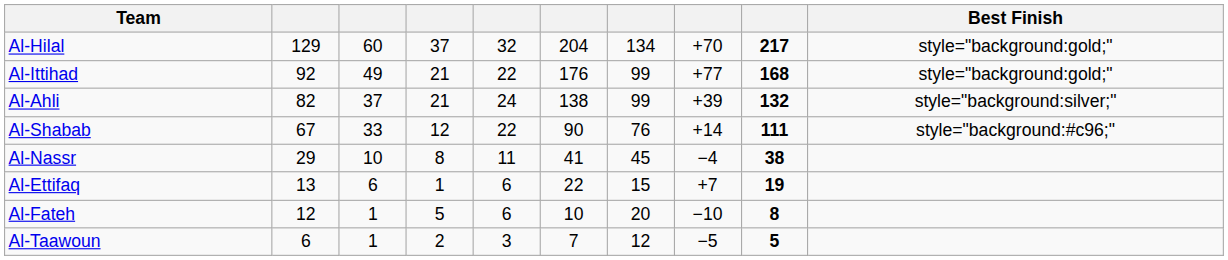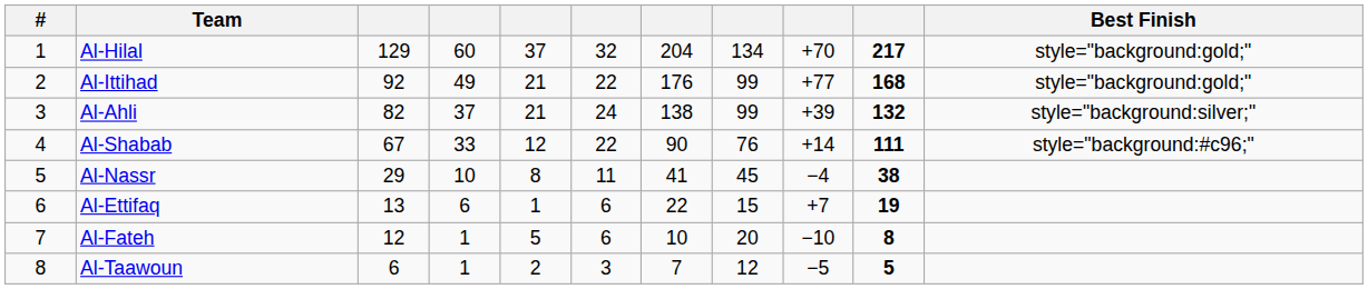 <table class="wikitable sortable" style="width:70%; text-align:center;">
 <tr>
+<th width=5%>#</th>
 <th style="width:20%;">Team</th>
 <th width=5%></th>
 <th width=5%></th>
 <th width=5%></th>
 <th width=5%></th>
 <th width=5%></th>
 <th width=5%></th>
 <th width=5%></th>
 <th width=5%></th>
 <th style="width:31%;">Best Finish</th>
 </tr>
 <tr>
+<td>1</td>
 <td align=left><a href='#'>Al-Hilal</a></td>
 <td>129</td>
 <td>60</td>
 <td>37</td>
 <td>32</td>
 <td>204</td>
 <td>134</td>
 <td>+70</td>
 <td><strong>217</strong></td>
 <td>style="background:gold;" </td>
 </tr>
 <tr>
+<td>2</td>
 <td align=left><a href='#'>Al-Ittihad</a></td>
 <td>92</td>
 <td>49</td>
 <td>21</td>
 <td>22</td>
 <td>176</td>
 <td>99</td>
 <td>+77</td>
 <td><strong>168</strong></td>
 <td>style="background:gold;" </td>
 </tr>
 <tr>
+<td>3</td>
 <td align=left><a href='#'>Al-Ahli</a></td>
 <td>82</td>
 <td>37</td>
 <td>21</td>
 <td>24</td>
 <td>138</td>
 <td>99</td>
 <td>+39</td>
 <td><strong>132</strong></td>
 <td>style="background:silver;" </td>
 </tr>
 <tr>
+<td>4</td>
 <td align=left><a href='#'>Al-Shabab</a></td>
 <td>67</td>
 <td>33</td>
 <td>12</td>
 <td>22</td>
 <td>90</td>
 <td>76</td>
 <td>+14</td>
 <td><strong>111</strong></td>
 <td>style="background:#c96;" </td>
 </tr>
 <tr>
+<td>5</td>
 <td align=left><a href='#'>Al-Nassr</a></td>
 <td>29</td>
 <td>10</td>
 <td>8</td>
 <td>11</td>
 <td>41</td>
 <td>45</td>
 <td>−4</td>
 <td><strong>38</strong></td>
 <td></td>
 </tr>
 <tr>
+<td>6</td>
 <td align=left><a href='#'>Al-Ettifaq</a></td>
 <td>13</td>
 <td>6</td>
 <td>1</td>
 <td>6</td>
 <td>22</td>
 <td>15</td>
 <td>+7</td>
 <td><strong>19</strong></td>
 <td></td>
 </tr>
 <tr>
+<td>7</td>
 <td align=left><a href='#'>Al-Fateh</a></td>
 <td>12</td>
 <td>1</td>
 <td>5</td>
 <td>6</td>
 <td>10</td>
 <td>20</td>
 <td>−10</td>
 <td><strong>8</strong></td>
 <td></td>
 </tr>
 <tr>
+<td>8</td>
 <td align=left><a href='#'>Al-Taawoun</a></td>
 <td>6</td>
 <td>1</td>
 <td>2</td>
 <td>3</td>
 <td>7</td>
 <td>12</td>
 <td>−5</td>
 <td><strong>5</strong></td>
 <td></td>
 </tr>
 </table>
